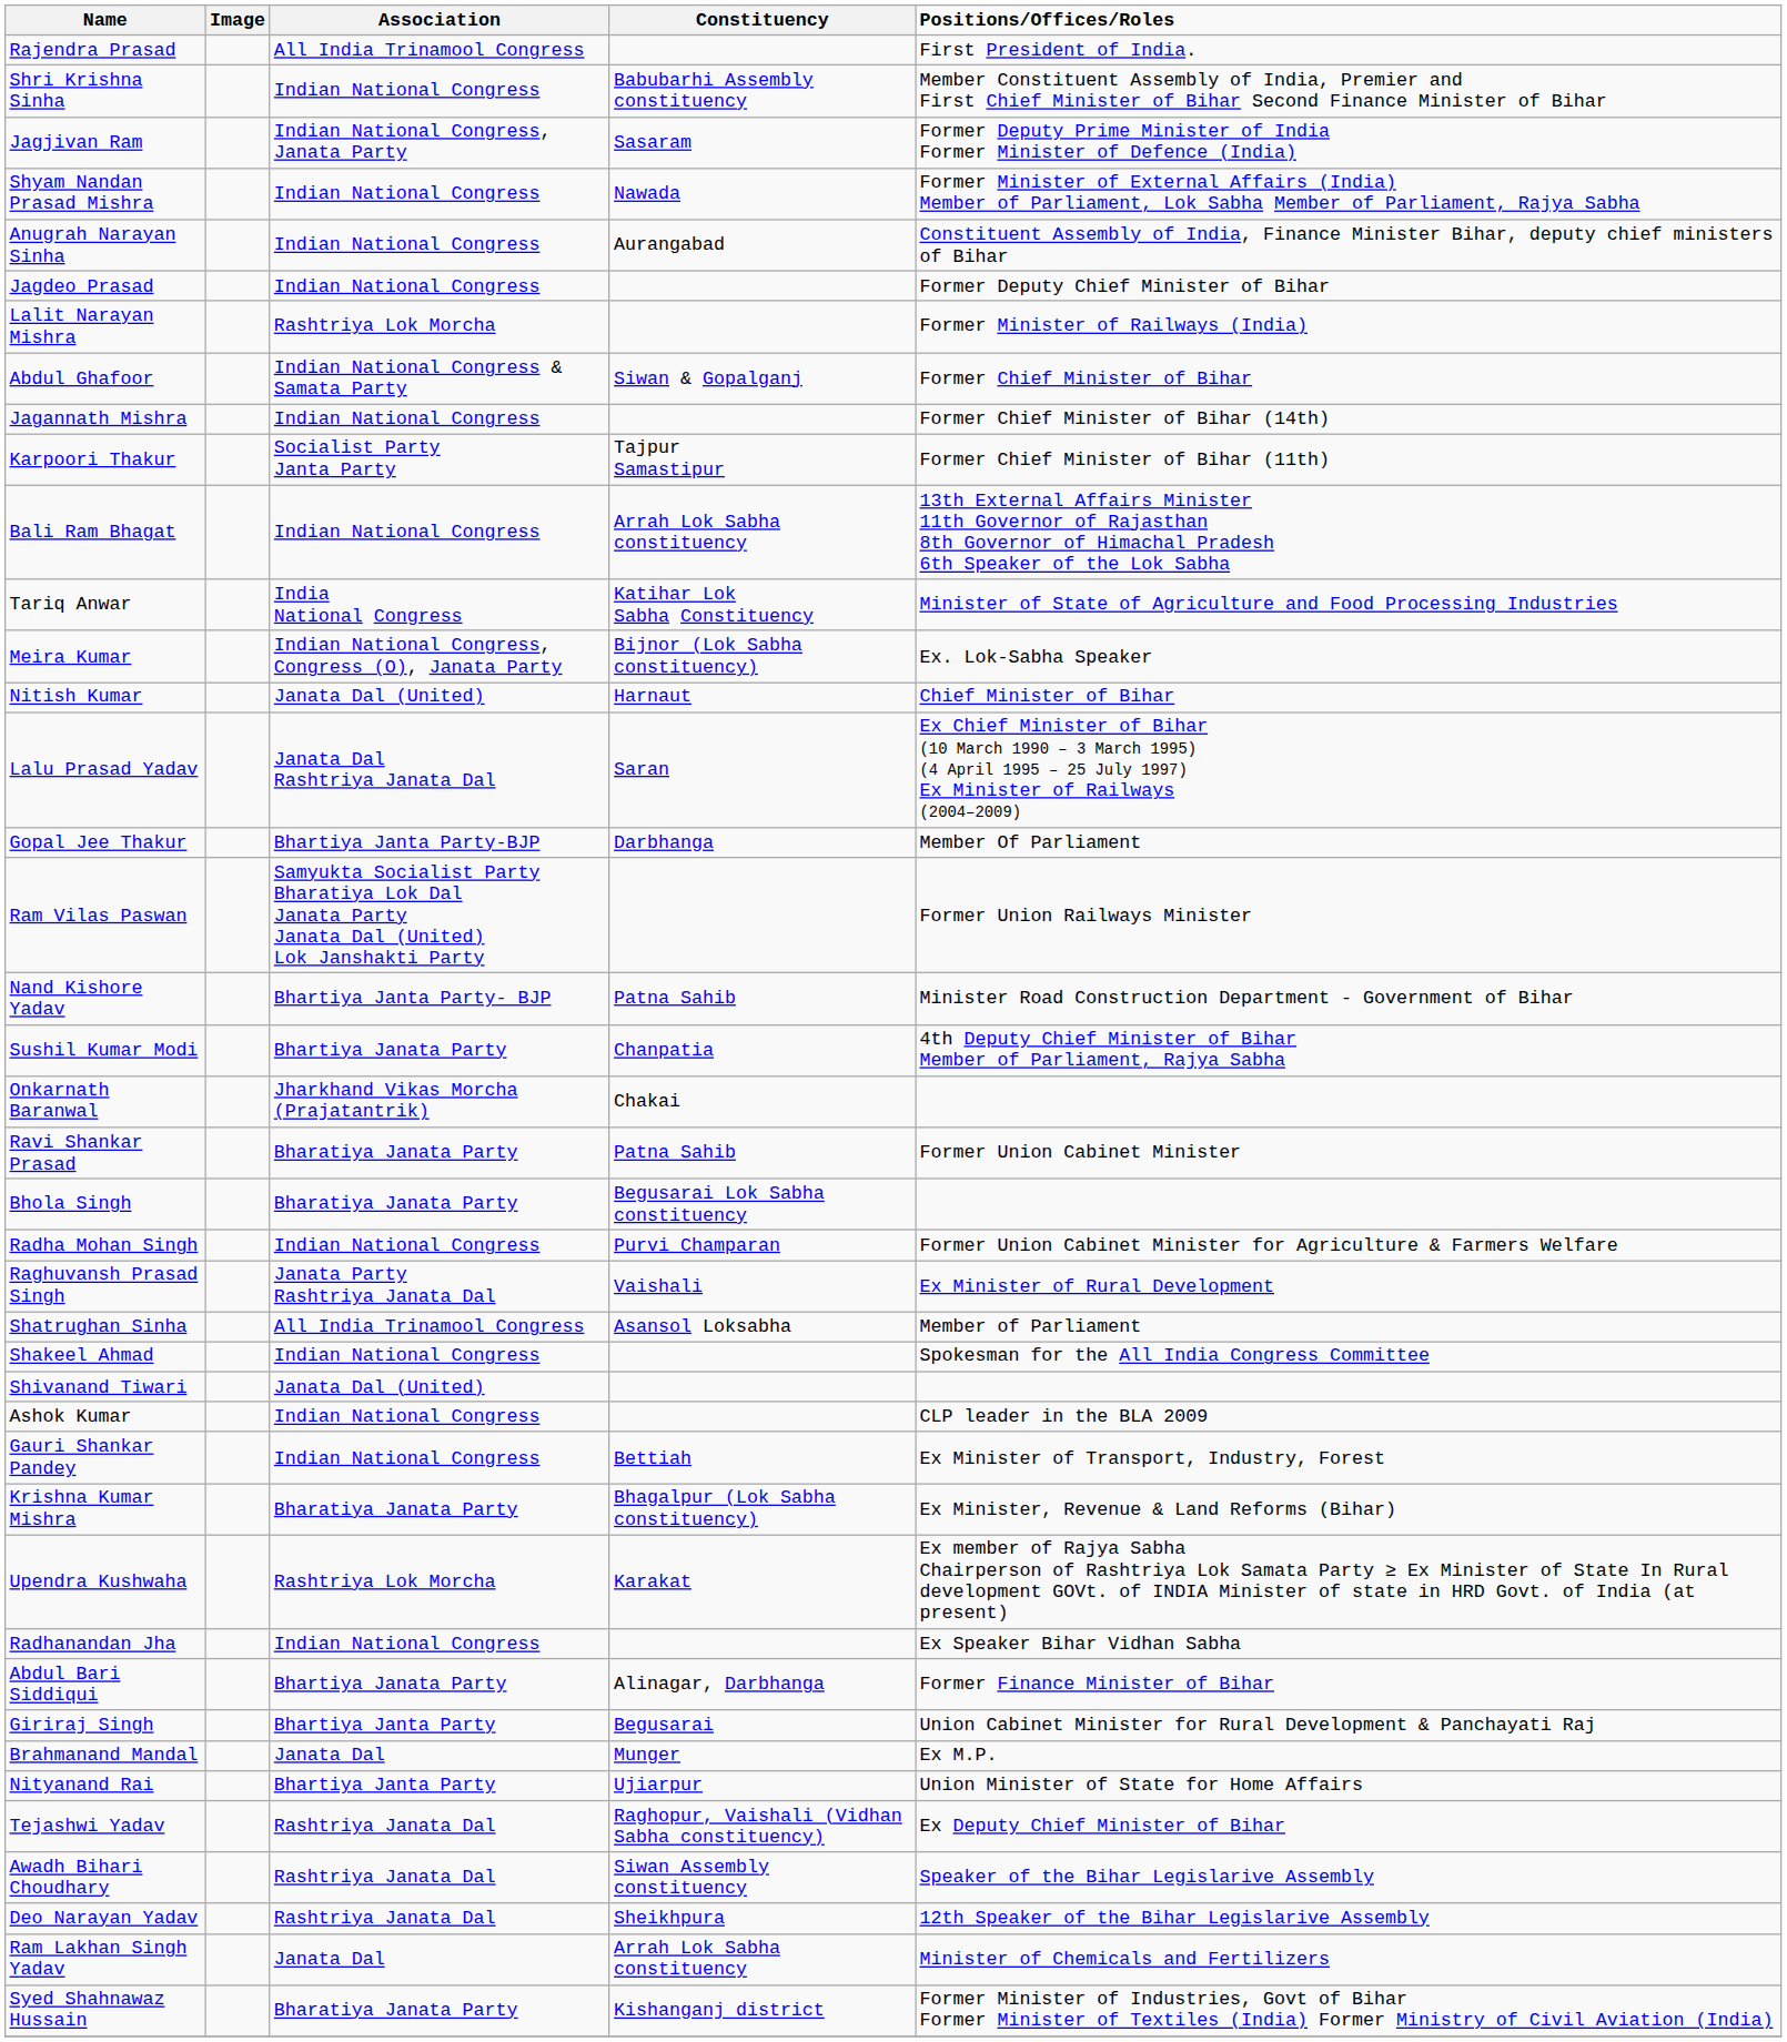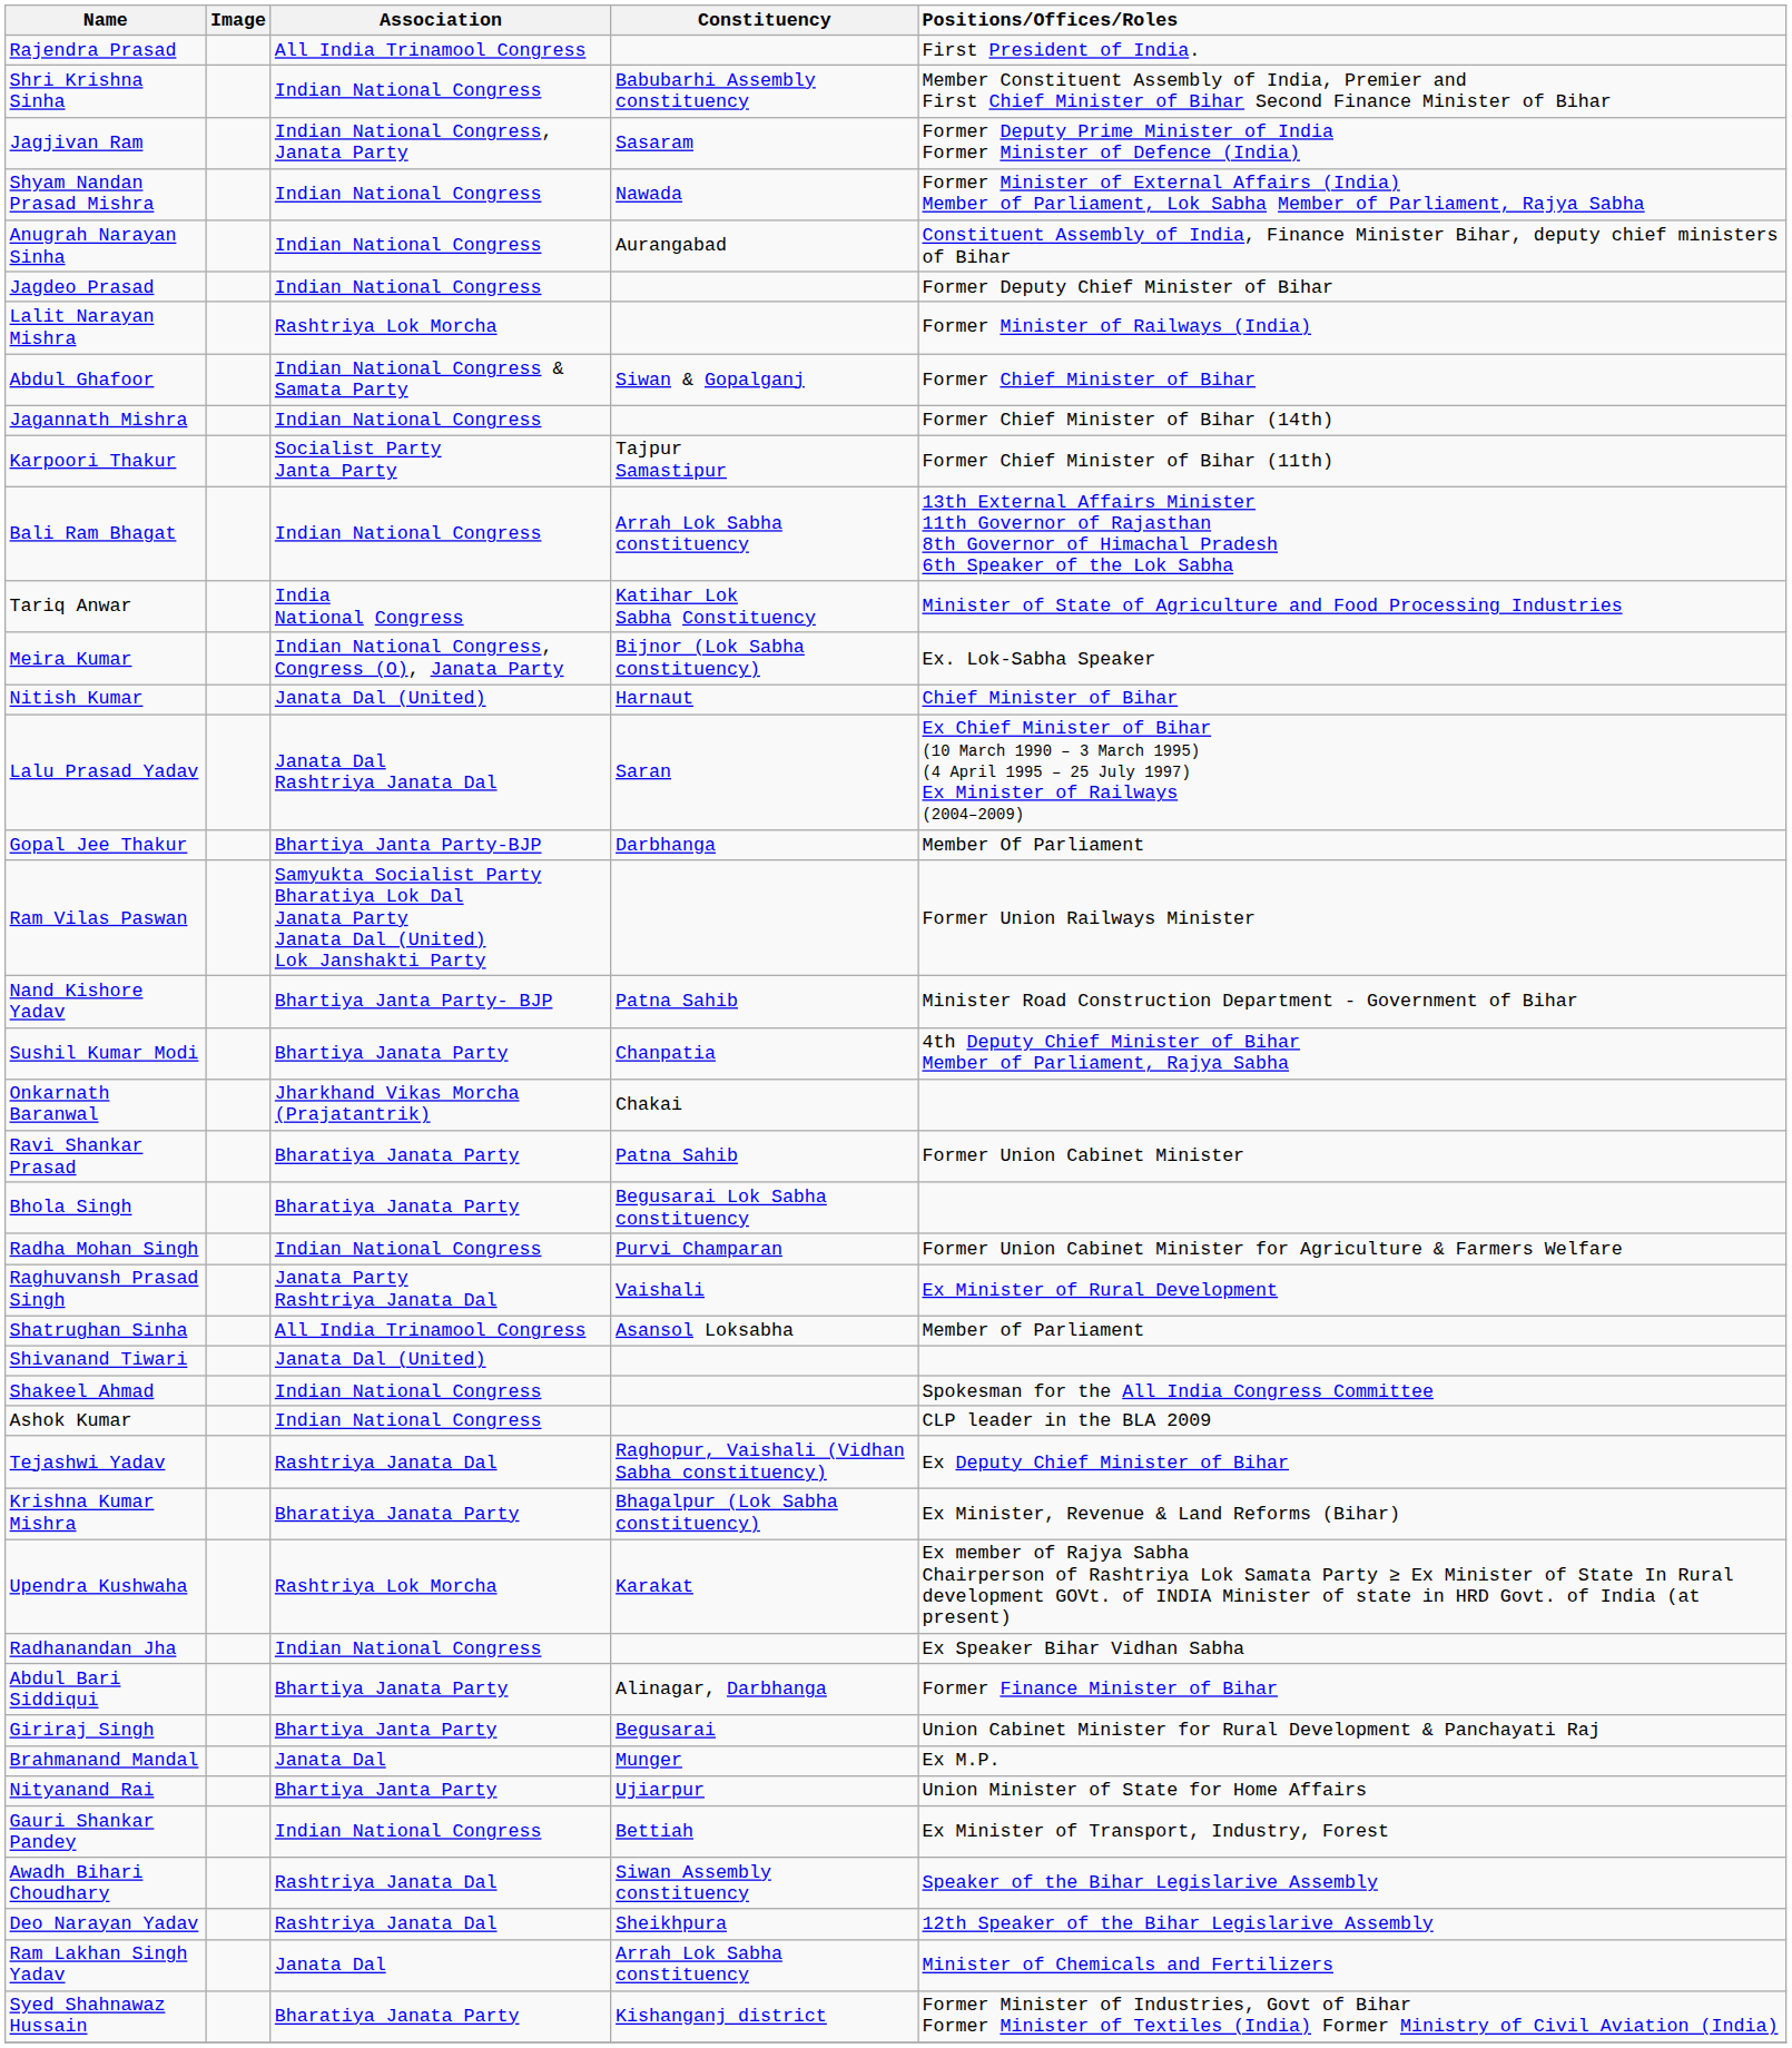 <table class="wikitable sortable">
 <tr>
 <th>Name</th>
 <th>Image</th>
 <th>Association</th>
 <th>Constituency</th>
 <td><strong>Positions/Offices/Roles</strong></td>
 </tr>
 <tr>
 <td><a href='#'>Rajendra Prasad</a></td>
 <td></td>
 <td><a href='#'>All India Trinamool Congress</a></td>
 <td></td>
 <td>First <a href='#'>President of India</a>.</td>
 </tr>
 <tr>
 <td><a href='#'>Shri Krishna Sinha</a></td>
 <td></td>
 <td><a href='#'>Indian National Congress</a></td>
 <td><a href='#'>Babubarhi Assembly constituency</a></td>
 <td>Member Constituent Assembly of India, Premier and<br>First <a href='#'>Chief Minister of Bihar</a> Second Finance Minister of Bihar</td>
 </tr>
 <tr>
 <td><a href='#'>Jagjivan Ram</a></td>
 <td></td>
 <td><a href='#'>Indian National Congress</a>, <br><a href='#'>Janata Party</a></td>
 <td><a href='#'>Sasaram</a></td>
 <td>Former <a href='#'>Deputy Prime Minister of India</a><br>Former <a href='#'>Minister of Defence (India)</a></td>
 </tr>
 <tr>
 <td><a href='#'>Shyam Nandan Prasad Mishra</a></td>
 <td></td>
 <td><a href='#'>Indian National Congress</a></td>
 <td><a href='#'>Nawada</a></td>
 <td>Former <a href='#'>Minister of External Affairs (India)</a><br><a href='#'>Member of Parliament, Lok Sabha</a>  <a href='#'>Member of Parliament, Rajya Sabha</a></td>
 </tr>
 <tr>
 <td><a href='#'>Anugrah Narayan Sinha</a></td>
 <td></td>
 <td><a href='#'>Indian National Congress</a></td>
 <td>Aurangabad</td>
 <td><a href='#'>Constituent Assembly of India</a>, Finance Minister Bihar, deputy chief ministers of Bihar</td>
 </tr>
 <tr>
 <td><a href='#'>Jagdeo Prasad</a></td>
 <td></td>
 <td><a href='#'>Indian National Congress</a></td>
 <td></td>
 <td>Former Deputy Chief Minister of Bihar</td>
 </tr>
 <tr>
 <td><a href='#'>Lalit Narayan Mishra</a></td>
 <td></td>
 <td><a href='#'>Rashtriya Lok Morcha</a></td>
 <td></td>
 <td>Former <a href='#'>Minister of Railways (India)</a></td>
 </tr>
 <tr>
 <td><a href='#'>Abdul Ghafoor</a></td>
 <td></td>
 <td><a href='#'>Indian National Congress</a> & <a href='#'>Samata Party</a></td>
 <td><a href='#'>Siwan</a> & <a href='#'>Gopalganj</a></td>
 <td>Former <a href='#'>Chief Minister of Bihar</a></td>
 </tr>
 <tr>
 <td><a href='#'>Jagannath Mishra</a></td>
 <td></td>
 <td><a href='#'>Indian National Congress</a></td>
 <td></td>
 <td>Former Chief Minister of Bihar (14th)</td>
 </tr>
 <tr>
 <td><a href='#'>Karpoori Thakur</a></td>
 <td></td>
 <td><a href='#'>Socialist Party</a><br><a href='#'>Janta Party</a></td>
 <td>Tajpur<br><a href='#'>Samastipur</a></td>
 <td>Former Chief Minister of Bihar (11th)</td>
 </tr>
 <tr>
 <td><a href='#'>Bali Ram Bhagat</a></td>
 <td></td>
 <td><a href='#'>Indian National Congress</a></td>
 <td><a href='#'>Arrah Lok Sabha constituency</a></td>
 <td><a href='#'>13th External Affairs Minister</a><br><a href='#'>11th Governor of Rajasthan</a><br><a href='#'>8th Governor of Himachal Pradesh</a><br><a href='#'>6th Speaker of the Lok Sabha</a></td>
 </tr>
 <tr>
 <td>Tariq Anwar</td>
 <td></td>
 <td><a href='#'>India</a><br><a href='#'>National</a>  <a href='#'>Congress</a></td>
 <td><a href='#'>Katihar Lok</a><br><a href='#'>Sabha</a>  <a href='#'>Constituency</a></td>
 <td><a href='#'>Minister of State of Agriculture and Food Processing Industries</a></td>
 </tr>
 <tr>
 <td><a href='#'>Meira Kumar</a></td>
 <td></td>
 <td><a href='#'>Indian National Congress</a>, <a href='#'>Congress (O)</a>, <a href='#'>Janata Party</a></td>
 <td><a href='#'>Bijnor (Lok Sabha constituency)</a></td>
 <td>Ex. Lok-Sabha Speaker</td>
 </tr>
 <tr>
 <td><a href='#'>Nitish Kumar</a></td>
 <td></td>
 <td><a href='#'>Janata Dal (United)</a></td>
 <td><a href='#'>Harnaut</a></td>
 <td><a href='#'>Chief Minister of Bihar</a></td>
 </tr>
 <tr>
 <td><a href='#'>Lalu Prasad Yadav</a></td>
 <td></td>
 <td> <a href='#'>Janata Dal</a> <br>  <a href='#'>Rashtriya Janata Dal</a></td>
 <td><a href='#'>Saran</a></td>
 <td><a href='#'>Ex Chief Minister of Bihar</a><br><small>(10 March 1990 – 3 March 1995)<br>(4 April 1995 – 25 July 1997)</small><br><a href='#'>Ex Minister of Railways</a><br><small>(2004–2009)</small></td>
 </tr>
 <tr>
 <td><a href='#'>Gopal Jee Thakur</a></td>
 <td></td>
 <td><a href='#'>Bhartiya Janta Party-BJP</a></td>
 <td><a href='#'>Darbhanga</a></td>
 <td>Member Of Parliament</td>
 </tr>
 <tr>
 <td><a href='#'>Ram Vilas Paswan</a></td>
 <td></td>
 <td><a href='#'>Samyukta Socialist Party</a><br> <a href='#'>Bharatiya Lok Dal</a> <br> <a href='#'>Janata Party</a> <br>  <a href='#'>Janata Dal (United)</a> <br> <a href='#'>Lok Janshakti Party</a></td>
 <td></td>
 <td>Former Union Railways Minister</td>
 </tr>
 <tr>
 <td><a href='#'>Nand Kishore Yadav</a></td>
 <td></td>
 <td><a href='#'>Bhartiya Janta Party- BJP</a></td>
 <td><a href='#'>Patna Sahib</a></td>
 <td>Minister Road Construction Department - Government of Bihar</td>
 </tr>
 <tr>
 <td><a href='#'>Sushil Kumar Modi</a></td>
 <td></td>
 <td><a href='#'>Bhartiya Janata Party</a></td>
 <td><a href='#'>Chanpatia</a></td>
 <td>4th <a href='#'>Deputy Chief Minister of Bihar</a><br><a href='#'>Member of Parliament, Rajya Sabha</a></td>
 </tr>
 <tr>
 <td><a href='#'>Onkarnath Baranwal</a></td>
 <td></td>
 <td><a href='#'>Jharkhand Vikas Morcha (Prajatantrik)</a></td>
 <td>Chakai</td>
 <td></td>
 </tr>
 <tr>
 <td><a href='#'>Ravi Shankar Prasad</a></td>
 <td></td>
 <td><a href='#'>Bharatiya Janata Party</a></td>
 <td><a href='#'>Patna Sahib</a></td>
 <td>Former Union Cabinet Minister</td>
 </tr>
 <tr>
 <td><a href='#'>Bhola Singh</a></td>
 <td></td>
 <td><a href='#'>Bharatiya Janata Party</a></td>
 <td><a href='#'>Begusarai Lok Sabha constituency</a></td>
 <td></td>
 </tr>
 <tr>
 <td><a href='#'>Radha Mohan Singh</a></td>
 <td></td>
 <td><a href='#'>Indian National Congress</a></td>
 <td><a href='#'>Purvi Champaran</a></td>
 <td>Former Union Cabinet Minister for Agriculture & Farmers Welfare</td>
 </tr>
 <tr>
 <td><a href='#'>Raghuvansh Prasad Singh</a></td>
 <td></td>
 <td><a href='#'>Janata Party</a> <br>  <a href='#'>Rashtriya Janata Dal</a></td>
 <td><a href='#'>Vaishali</a></td>
 <td><a href='#'>Ex Minister of Rural Development</a></td>
 </tr>
 <tr>
 <td><a href='#'>Shatrughan Sinha</a></td>
 <td></td>
 <td><a href='#'>All India Trinamool Congress</a></td>
 <td><a href='#'>Asansol</a> Loksabha</td>
 <td>Member of Parliament</td>
 </tr>
 <tr>
+<td><a href='#'>Shivanand Tiwari</a></td>
+<td></td>
+<td> <a href='#'>Janata Dal (United)</a></td>
+<td></td>
+<td></td>
+</tr>
+<tr>
 <td><a href='#'>Shakeel Ahmad</a></td>
 <td></td>
 <td><a href='#'>Indian National Congress</a></td>
 <td></td>
 <td>Spokesman for the <a href='#'>All India Congress Committee</a></td>
-</tr>
-<tr>
-<td><a href='#'>Shivanand Tiwari</a></td>
-<td></td>
-<td> <a href='#'>Janata Dal (United)</a></td>
-<td></td>
-<td></td>
 </tr>
 <tr>
 <td>Ashok Kumar</td>
 <td></td>
 <td><a href='#'>Indian National Congress</a></td>
 <td></td>
 <td>CLP leader in the BLA 2009</td>
 </tr>
 <tr>
-<td><a href='#'>Gauri Shankar Pandey</a></td>
+<td><a href='#'>Tejashwi Yadav</a></td>
 <td></td>
-<td><a href='#'>Indian National Congress</a></td>
-<td><a href='#'>Bettiah</a></td>
-<td>Ex Minister of Transport, Industry, Forest</td>
+<td><a href='#'>Rashtriya Janata Dal</a></td>
+<td><a href='#'>Raghopur, Vaishali (Vidhan Sabha constituency)</a></td>
+<td>Ex <a href='#'>Deputy Chief Minister of Bihar</a></td>
 </tr>
 <tr>
 <td><a href='#'>Krishna Kumar Mishra</a></td>
 <td></td>
 <td><a href='#'>Bharatiya Janata Party</a></td>
 <td><a href='#'>Bhagalpur (Lok Sabha constituency)</a></td>
 <td>Ex Minister, Revenue & Land Reforms (Bihar)</td>
 </tr>
 <tr>
 <td><a href='#'>Upendra Kushwaha</a></td>
 <td></td>
 <td><a href='#'>Rashtriya Lok Morcha</a></td>
 <td><a href='#'>Karakat</a></td>
 <td>Ex  member of Rajya Sabha<br>Chairperson of Rashtriya Lok Samata Party ≥ Ex Minister of State In Rural development GOVt. of INDIA Minister of state in HRD Govt. of India (at present)</td>
 </tr>
 <tr>
 <td><a href='#'>Radhanandan Jha</a></td>
 <td></td>
 <td><a href='#'>Indian National Congress</a></td>
 <td Madhepur(Jhanjarpur)></td>
 <td>Ex Speaker Bihar Vidhan Sabha</td>
 </tr>
 <tr>
 <td><a href='#'>Abdul Bari Siddiqui</a></td>
 <td></td>
 <td><a href='#'>Bhartiya Janata Party</a></td>
 <td>Alinagar, <a href='#'>Darbhanga</a></td>
 <td>Former <a href='#'>Finance Minister of Bihar</a></td>
 </tr>
 <tr>
 <td><a href='#'>Giriraj Singh</a></td>
 <td></td>
 <td><a href='#'>Bhartiya Janta Party</a></td>
 <td><a href='#'>Begusarai</a></td>
 <td>Union Cabinet Minister for Rural Development & Panchayati Raj</td>
 </tr>
 <tr>
 <td><a href='#'>Brahmanand Mandal</a></td>
 <td></td>
 <td><a href='#'>Janata Dal</a></td>
 <td><a href='#'>Munger</a></td>
 <td>Ex M.P.</td>
 </tr>
 <tr>
 <td><a href='#'>Nityanand Rai</a></td>
 <td></td>
 <td><a href='#'>Bhartiya Janta Party</a></td>
 <td><a href='#'>Ujiarpur</a></td>
 <td>Union Minister of State for Home Affairs</td>
 </tr>
 <tr>
-<td><a href='#'>Tejashwi Yadav</a></td>
+<td><a href='#'>Gauri Shankar Pandey</a></td>
 <td></td>
-<td><a href='#'>Rashtriya Janata Dal</a></td>
-<td><a href='#'>Raghopur, Vaishali (Vidhan Sabha constituency)</a></td>
-<td>Ex <a href='#'>Deputy Chief Minister of Bihar</a></td>
+<td><a href='#'>Indian National Congress</a></td>
+<td><a href='#'>Bettiah</a></td>
+<td>Ex Minister of Transport, Industry, Forest</td>
 </tr>
 <tr>
 <td><a href='#'>Awadh Bihari Choudhary</a></td>
 <td></td>
 <td><a href='#'>Rashtriya Janata Dal</a></td>
 <td><a href='#'>Siwan Assembly constituency</a></td>
 <td><a href='#'>Speaker of the Bihar Legislarive Assembly</a></td>
 </tr>
 <tr>
 <td><a href='#'>Deo Narayan Yadav</a></td>
 <td></td>
 <td><a href='#'>Rashtriya Janata Dal</a></td>
 <td><a href='#'>Sheikhpura</a></td>
 <td><a href='#'>12th Speaker of the Bihar Legislarive Assembly</a></td>
 </tr>
 <tr>
 <td><a href='#'>Ram Lakhan Singh Yadav</a></td>
 <td></td>
 <td><a href='#'>Janata Dal</a></td>
 <td><a href='#'>Arrah Lok Sabha constituency</a></td>
 <td><a href='#'>Minister of Chemicals and Fertilizers</a></td>
 </tr>
 <tr>
 <td><a href='#'>Syed Shahnawaz Hussain</a></td>
 <td></td>
 <td><a href='#'>Bharatiya Janata Party</a></td>
 <td><a href='#'>Kishanganj district</a></td>
 <td>Former Minister of Industries, Govt of Bihar<br>Former <a href='#'>Minister of Textiles (India)</a>  Former <a href='#'>Ministry of Civil Aviation (India)</a></td>
 </tr>
 <tr>
 </tr>
 </table>
